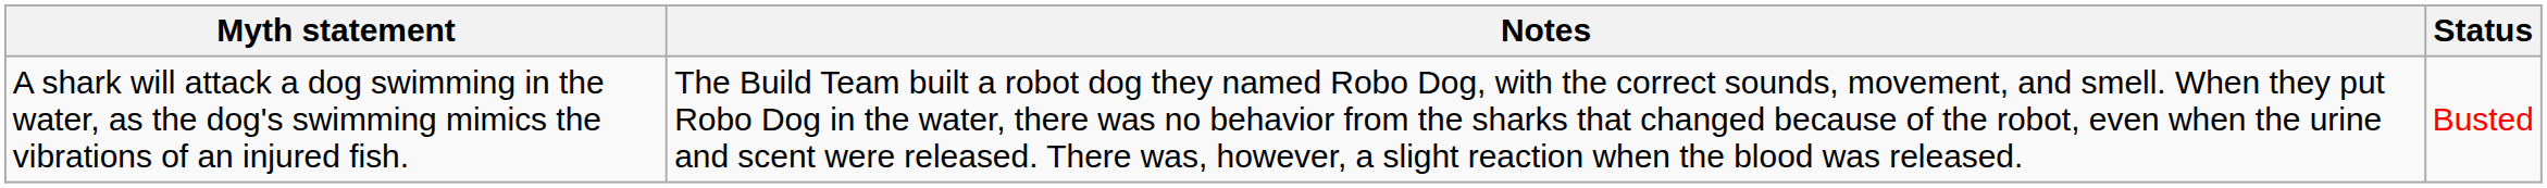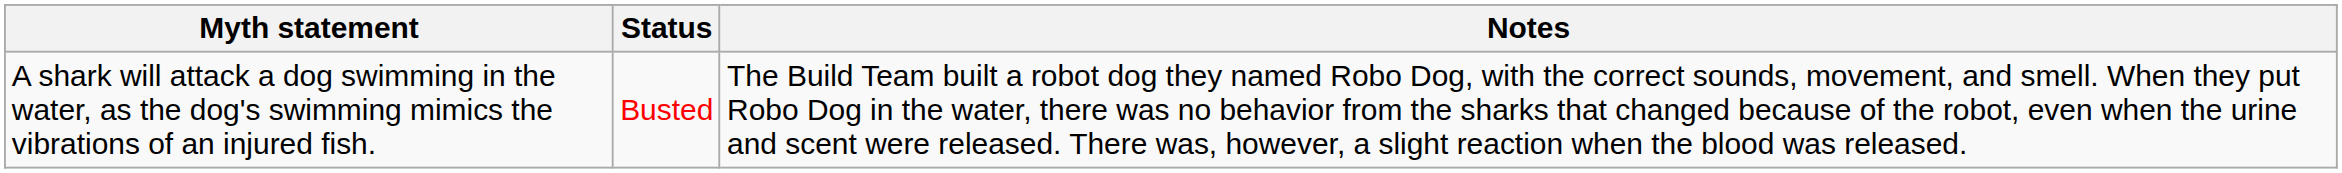 <table class="wikitable plainrowheaders">
 <tr>
 <th>Myth statement</th>
+<th>Status</th>
 <th>Notes</th>
-<th>Status</th>
 </tr>
 <tr>
 <td>A shark will attack a dog swimming in the water, as the dog's swimming mimics the vibrations of an injured fish.</td>
+<td style="color:red">Busted</td>
 <td>The Build Team built a robot dog they named Robo Dog, with the correct sounds, movement, and smell. When they put Robo Dog in the water, there was no behavior from the sharks that changed because of the robot, even when the urine and scent were released. There was, however, a slight reaction when the blood was released.</td>
-<td style="color:red">Busted</td>
 </tr>
 </table>
